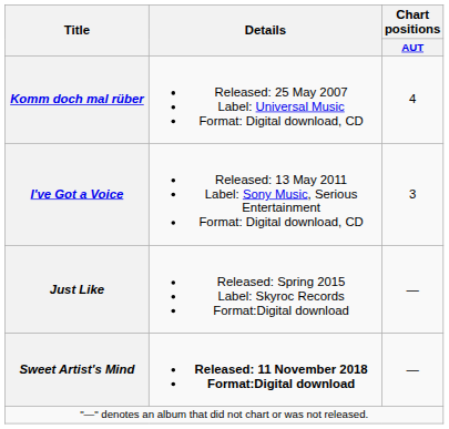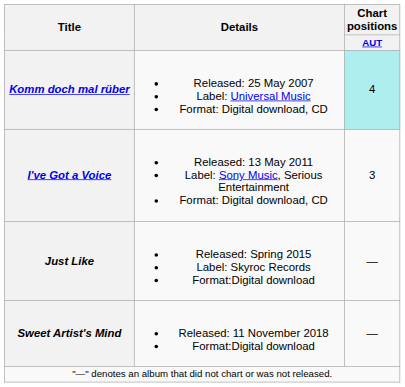 <table class="wikitable plainrowheaders" style="text-align:center;" border="1">
 <tr>
 <th scope="col" rowspan="2" style="width:11em;">Title</th>
 <th scope="col" rowspan="2" style="width:18em;">Details</th>
 <th scope="col" colspan="1">Chart positions</th>
 </tr>
 <tr>
 <th scope="col" style="width:3em;font-size:85%"><a href='#'>AUT</a></th>
 </tr>
 <tr>
 <th scope="row"><em><a href='#'>Komm doch mal rüber</a></em></th>
 <td><br><ul><li>Released: 25 May 2007</li><li>Label: <a href='#'>Universal Music</a></li><li>Format: Digital download, CD</li></ul></td>
-<td>4</td>
+<td style="background: paleturquoise;">4</td>
 </tr>
 <tr>
 <th scope="row"><em><a href='#'>I've Got a Voice</a></em></th>
 <td><br><ul><li>Released: 13 May 2011</li><li>Label: <a href='#'>Sony Music</a>, Serious Entertainment</li><li>Format: Digital download, CD</li></ul></td>
 <td>3</td>
 </tr>
 <tr>
 <th scope="row"><em>Just Like</em></th>
 <td><br><ul><li>Released: Spring 2015</li><li>Label: Skyroc Records</li><li>Format:Digital download</li></ul></td>
 <td>—</td>
 </tr>
 <tr>
 <th scope="row"><em>Sweet Artist's Mind</em></th>
-<td><strong><br><ul><li>Released: 11 November 2018</li><li>Format:Digital download</li></ul></strong></td>
+<td><br><ul><li>Released: 11 November 2018</li><li>Format:Digital download</li></ul></td>
 <td>—</td>
 </tr>
 <tr>
 <td colspan="20" style="text-align:center; font-size:85%;">"—" denotes an album that did not chart or was not released.</td>
 </tr>
 </table>
